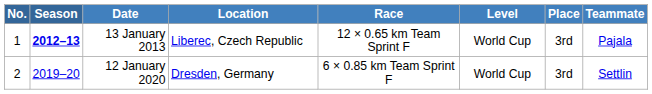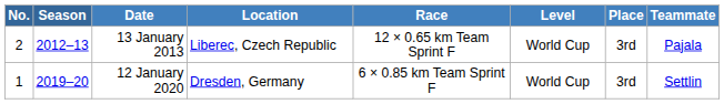 <table class="wikitable sortable" style="font-size:95%; text-align:center; border:grey solid 1px; border-collapse:collapse; background:#ffffff;">
 <tr style="background:#efefef;">
 <th style="background-color:#369; color:white;">No.</th>
 <th style="background-color:#369; color:white;">Season</th>
 <th style="background-color:#4180be; color:white; width:100px;">Date</th>
 <th style="background-color:#4180be; color:white; width:180px;">Location</th>
 <th style="background-color:#4180be; color:white; width:170px;">Race</th>
 <th style="background-color:#4180be; color:white; width:100px;">Level</th>
 <th style="background-color:#4180be; color:white;">Place</th>
 <th style="background-color:#4180be; color:white;">Teammate</th>
 </tr>
 <tr>
-<td align=center>1</td>
-<td rowspan=1 align=center><strong><a href='#'>2012–13</a></strong></td>
+<td align=center>2</td>
+<td rowspan=1 align=center><a href='#'>2012–13</a></td>
 <td align=right>13 January 2013</td>
 <td align=left> <a href='#'>Liberec</a>, Czech Republic</td>
 <td>12 × 0.65 km Team Sprint F</td>
 <td>World Cup</td>
 <td>3rd</td>
 <td><a href='#'>Pajala</a></td>
 </tr>
 <tr>
-<td align=center>2</td>
+<td align=center>1</td>
 <td rowspan=1 align=center><a href='#'>2019–20</a></td>
 <td align=right>12 January 2020</td>
 <td align=left> <a href='#'>Dresden</a>, Germany</td>
 <td>6 × 0.85 km Team Sprint F</td>
 <td>World Cup</td>
 <td>3rd</td>
 <td><a href='#'>Settlin</a></td>
 </tr>
 </table>
